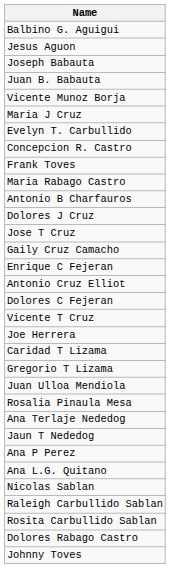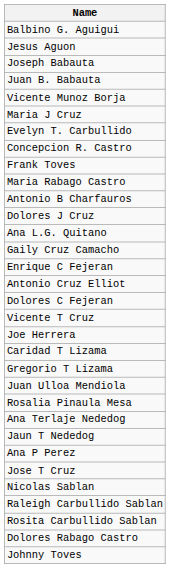 <table class="wikitable sortable mw-collapsible mw-collapsed">
 <tr>
 <th>Name</th>
 </tr>
 <tr>
 <td>Balbino G. Aguigui</td>
 </tr>
 <tr>
 <td>Jesus Aguon</td>
 </tr>
 <tr>
 <td>Joseph Babauta</td>
 </tr>
 <tr>
 <td>Juan B. Babauta</td>
 </tr>
 <tr>
 <td>Vicente Munoz Borja</td>
 </tr>
 <tr>
 <td>Maria J Cruz</td>
 </tr>
 <tr>
 <td>Evelyn T. Carbullido</td>
 </tr>
 <tr>
 <td>Concepcion R. Castro</td>
 </tr>
 <tr>
 <td>Frank Toves</td>
 </tr>
 <tr>
 <td>Maria Rabago Castro</td>
 </tr>
 <tr>
 <td>Antonio B Charfauros</td>
 </tr>
 <tr>
 <td>Dolores J Cruz</td>
 </tr>
 <tr>
-<td>Jose T Cruz</td>
+<td>Ana L.G. Quitano</td>
 </tr>
 <tr>
 <td>Gaily Cruz Camacho</td>
 </tr>
 <tr>
 <td>Enrique C Fejeran</td>
 </tr>
 <tr>
 <td>Antonio Cruz Elliot</td>
 </tr>
 <tr>
 <td>Dolores C Fejeran</td>
 </tr>
 <tr>
 <td>Vicente T Cruz</td>
 </tr>
 <tr>
 <td>Joe Herrera</td>
 </tr>
 <tr>
 <td>Caridad T Lizama</td>
 </tr>
 <tr>
 <td>Gregorio T Lizama</td>
 </tr>
 <tr>
 <td>Juan Ulloa Mendiola</td>
 </tr>
 <tr>
 <td>Rosalia Pinaula Mesa</td>
 </tr>
 <tr>
 <td>Ana Terlaje Nededog</td>
 </tr>
 <tr>
 <td>Jaun T Nededog</td>
 </tr>
 <tr>
 <td>Ana P Perez</td>
 </tr>
 <tr>
-<td>Ana L.G. Quitano</td>
+<td>Jose T Cruz</td>
 </tr>
 <tr>
 <td>Nicolas Sablan</td>
 </tr>
 <tr>
 <td>Raleigh Carbullido Sablan</td>
 </tr>
 <tr>
 <td>Rosita Carbullido Sablan</td>
 </tr>
 <tr>
 <td>Dolores Rabago Castro</td>
 </tr>
 <tr>
 <td>Johnny Toves</td>
 </tr>
 </table>
